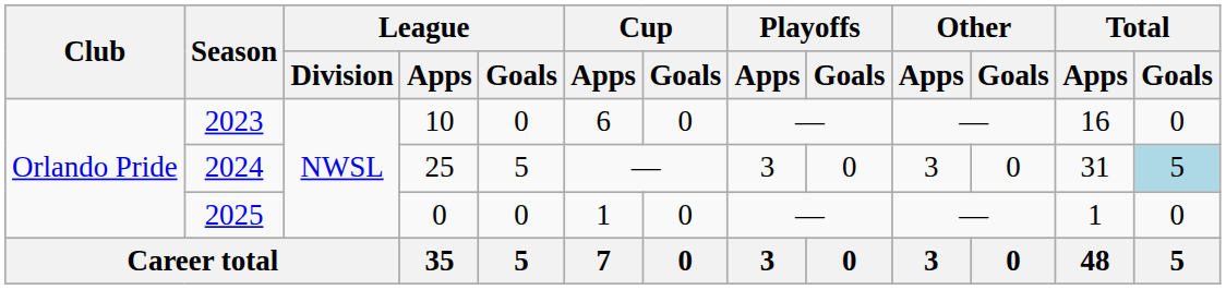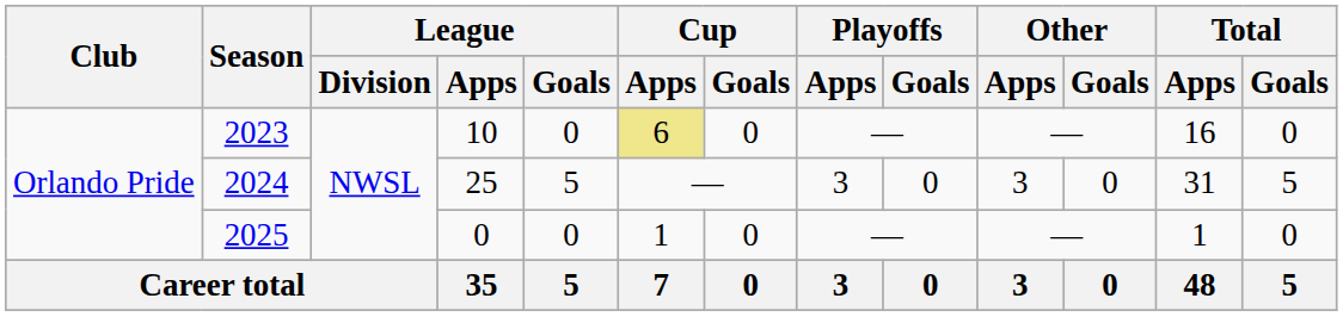 <table class="wikitable" style="text-align: center;">
 <tr>
 <th rowspan="2">Club</th>
 <th rowspan="2">Season</th>
 <th colspan="3">League</th>
 <th colspan="2">Cup</th>
 <th colspan="2">Playoffs</th>
 <th colspan="2">Other</th>
 <th colspan="2">Total</th>
 </tr>
 <tr>
 <th>Division</th>
 <th>Apps</th>
 <th>Goals</th>
 <th>Apps</th>
 <th>Goals</th>
 <th>Apps</th>
 <th>Goals</th>
 <th>Apps</th>
 <th>Goals</th>
 <th>Apps</th>
 <th>Goals</th>
 </tr>
 <tr>
 <td rowspan="3"><a href='#'>Orlando Pride</a></td>
 <td><a href='#'>2023</a></td>
 <td rowspan="3"><a href='#'>NWSL</a></td>
 <td>10</td>
 <td>0</td>
-<td>6</td>
+<td style="background: khaki;">6</td>
 <td>0</td>
 <td colspan="2">—</td>
 <td colspan="2">—</td>
 <td>16</td>
 <td>0</td>
 </tr>
 <tr>
 <td><a href='#'>2024</a></td>
 <td>25</td>
 <td>5</td>
 <td colspan="2">—</td>
 <td>3</td>
 <td>0</td>
 <td>3</td>
 <td>0</td>
 <td>31</td>
-<td style="background: lightblue;">5</td>
+<td>5</td>
 </tr>
 <tr>
 <td><a href='#'>2025</a></td>
 <td>0</td>
 <td>0</td>
 <td>1</td>
 <td>0</td>
 <td colspan="2">—</td>
 <td colspan="2">—</td>
 <td>1</td>
 <td>0</td>
 </tr>
 <tr>
 <th colspan="3">Career total</th>
 <th>35</th>
 <th>5</th>
 <th>7</th>
 <th>0</th>
 <th>3</th>
 <th>0</th>
 <th>3</th>
 <th>0</th>
 <th>48</th>
 <th>5</th>
 </tr>
 </table>
